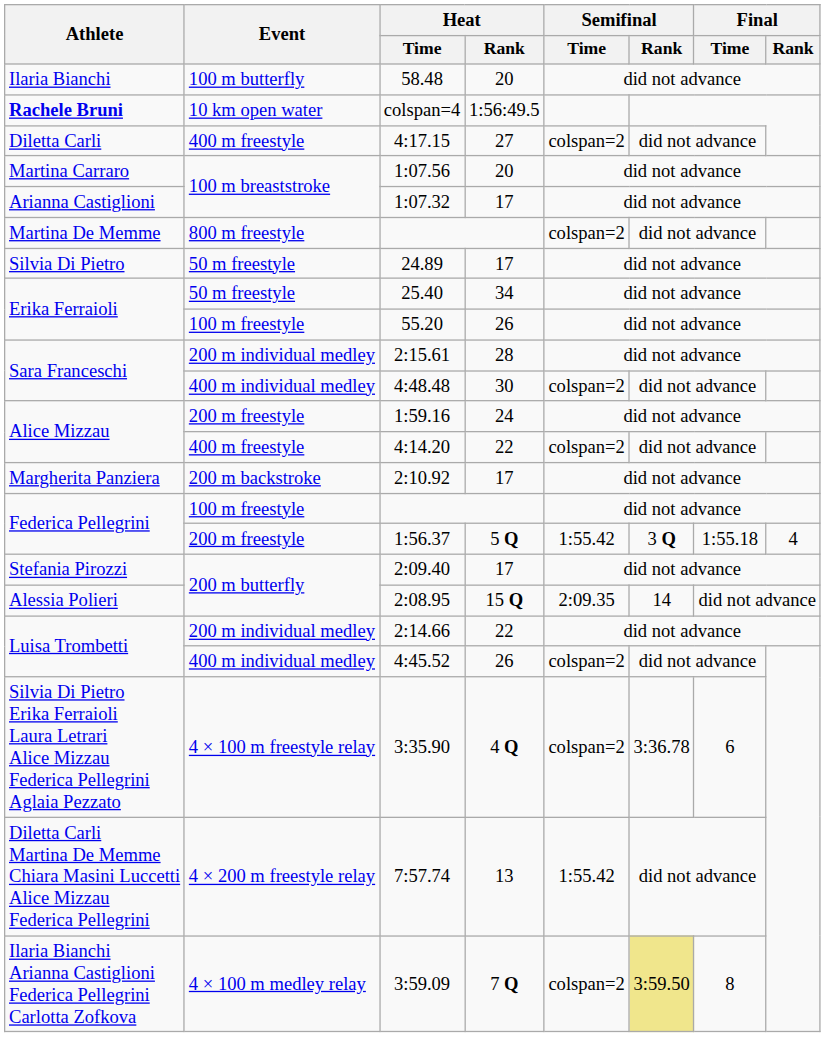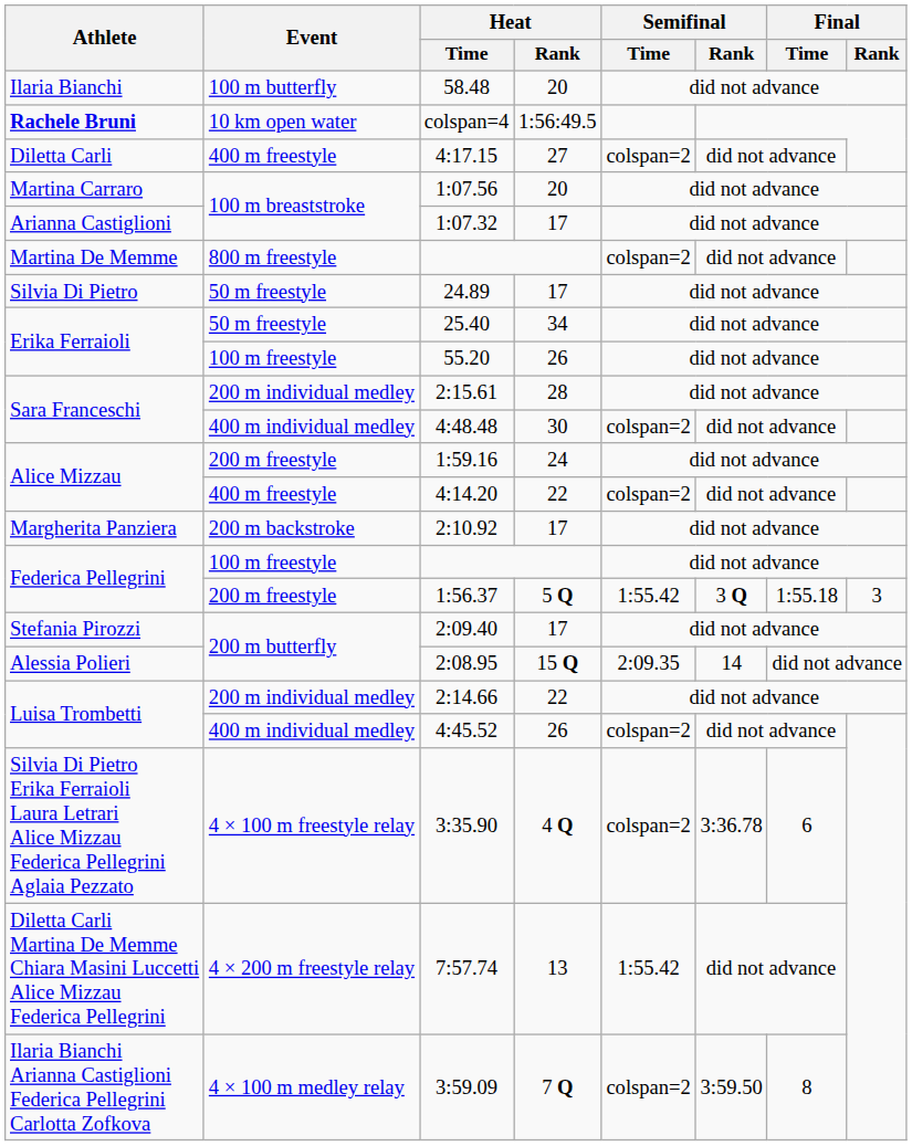 <table class=wikitable style="font-size:90%">
 <tr>
 <th rowspan="2">Athlete</th>
 <th rowspan="2">Event</th>
 <th colspan="2">Heat</th>
 <th colspan="2">Semifinal</th>
 <th colspan="2">Final</th>
 </tr>
 <tr style="font-size:95%">
 <th>Time</th>
 <th>Rank</th>
 <th>Time</th>
 <th>Rank</th>
 <th>Time</th>
 <th>Rank</th>
 </tr>
 <tr align=center>
 <td align=left><a href='#'>Ilaria Bianchi</a></td>
 <td align=left><a href='#'>100 m butterfly</a></td>
 <td>58.48</td>
 <td>20</td>
 <td colspan=4>did not advance</td>
 </tr>
 <tr align=center>
 <td align=left><strong><a href='#'>Rachele Bruni</a></strong></td>
 <td align=left><a href='#'>10 km open water</a></td>
 <td>colspan=4 </td>
 <td>1:56:49.5</td>
 <td></td>
 </tr>
 <tr align=center>
 <td align=left><a href='#'>Diletta Carli</a></td>
 <td align=left><a href='#'>400 m freestyle</a></td>
 <td>4:17.15</td>
 <td>27</td>
 <td>colspan=2 </td>
 <td colspan=2>did not advance</td>
 </tr>
 <tr align=center>
 <td align=left><a href='#'>Martina Carraro</a></td>
 <td align=left rowspan=2><a href='#'>100 m breaststroke</a></td>
 <td>1:07.56</td>
 <td>20</td>
 <td colspan=4>did not advance</td>
 </tr>
 <tr align=center>
 <td align=left><a href='#'>Arianna Castiglioni</a></td>
 <td>1:07.32</td>
 <td>17</td>
 <td colspan=4>did not advance</td>
 </tr>
 <tr align=center>
 <td align=left><a href='#'>Martina De Memme</a></td>
 <td align=left><a href='#'>800 m freestyle</a></td>
 <td colspan=2></td>
 <td>colspan=2 </td>
 <td colspan=2>did not advance</td>
 </tr>
 <tr align=center>
 <td align=left><a href='#'>Silvia Di Pietro</a></td>
 <td align=left><a href='#'>50 m freestyle</a></td>
 <td>24.89</td>
 <td>17</td>
 <td colspan=4>did not advance</td>
 </tr>
 <tr align=center>
 <td align=left rowspan=2><a href='#'>Erika Ferraioli</a></td>
 <td align=left><a href='#'>50 m freestyle</a></td>
 <td>25.40</td>
 <td>34</td>
 <td colspan=4>did not advance</td>
 </tr>
 <tr align=center>
 <td align=left><a href='#'>100 m freestyle</a></td>
 <td>55.20</td>
 <td>26</td>
 <td colspan=4>did not advance</td>
 </tr>
 <tr align=center>
 <td align=left rowspan=2><a href='#'>Sara Franceschi</a></td>
 <td align=left><a href='#'>200 m individual medley</a></td>
 <td>2:15.61</td>
 <td>28</td>
 <td colspan=4>did not advance</td>
 </tr>
 <tr align=center>
 <td align=left><a href='#'>400 m individual medley</a></td>
 <td>4:48.48</td>
 <td>30</td>
 <td>colspan=2 </td>
 <td colspan=2>did not advance</td>
 </tr>
 <tr align=center>
 <td align=left rowspan=2><a href='#'>Alice Mizzau</a></td>
 <td align=left><a href='#'>200 m freestyle</a></td>
 <td>1:59.16</td>
 <td>24</td>
 <td colspan=4>did not advance</td>
 </tr>
 <tr align=center>
 <td align=left><a href='#'>400 m freestyle</a></td>
 <td>4:14.20</td>
 <td>22</td>
 <td>colspan=2 </td>
 <td colspan=2>did not advance</td>
 </tr>
 <tr align=center>
 <td align=left><a href='#'>Margherita Panziera</a></td>
 <td align=left><a href='#'>200 m backstroke</a></td>
 <td>2:10.92</td>
 <td>17</td>
 <td colspan=4>did not advance</td>
 </tr>
 <tr align=center>
 <td align=left rowspan=2><a href='#'>Federica Pellegrini</a></td>
 <td align=left><a href='#'>100 m freestyle</a></td>
 <td colspan=2></td>
 <td colspan=4>did not advance</td>
 </tr>
 <tr align=center>
 <td align=left><a href='#'>200 m freestyle</a></td>
 <td>1:56.37</td>
 <td>5 <strong>Q</strong></td>
 <td>1:55.42</td>
 <td>3 <strong>Q</strong></td>
 <td>1:55.18</td>
-<td>4</td>
+<td>3</td>
 </tr>
 <tr align=center>
 <td align=left><a href='#'>Stefania Pirozzi</a></td>
 <td align=left rowspan=2><a href='#'>200 m butterfly</a></td>
 <td>2:09.40</td>
 <td>17</td>
 <td colspan=4>did not advance</td>
 </tr>
 <tr align=center>
 <td align=left><a href='#'>Alessia Polieri</a></td>
 <td>2:08.95</td>
 <td>15 <strong>Q</strong></td>
 <td>2:09.35</td>
 <td>14</td>
 <td colspan=2>did not advance</td>
 </tr>
 <tr align=center>
 <td align=left rowspan=2><a href='#'>Luisa Trombetti</a></td>
 <td align=left><a href='#'>200 m individual medley</a></td>
 <td>2:14.66</td>
 <td>22</td>
 <td colspan=4>did not advance</td>
 </tr>
 <tr align=center>
 <td align=left><a href='#'>400 m individual medley</a></td>
 <td>4:45.52</td>
 <td>26</td>
 <td>colspan=2 </td>
 <td colspan=2>did not advance</td>
 </tr>
 <tr align=center>
 <td align=left><a href='#'>Silvia Di Pietro</a><br><a href='#'>Erika Ferraioli</a><br><a href='#'>Laura Letrari</a><br><a href='#'>Alice Mizzau</a><br><a href='#'>Federica Pellegrini</a><br><a href='#'>Aglaia Pezzato</a></td>
 <td align=left><a href='#'>4 × 100 m freestyle relay</a></td>
 <td>3:35.90</td>
 <td>4 <strong>Q</strong></td>
 <td>colspan=2 </td>
 <td>3:36.78</td>
 <td>6</td>
 </tr>
 <tr align=center>
 <td align=left><a href='#'>Diletta Carli</a><br><a href='#'>Martina De Memme</a><br><a href='#'>Chiara Masini Luccetti</a><br><a href='#'>Alice Mizzau</a><br><a href='#'>Federica Pellegrini</a></td>
 <td align=left><a href='#'>4 × 200 m freestyle relay</a></td>
 <td>7:57.74</td>
 <td>13</td>
 <td>1:55.42</td>
 <td colspan=2>did not advance</td>
 </tr>
 <tr align=center>
 <td align=left><a href='#'>Ilaria Bianchi</a><br><a href='#'>Arianna Castiglioni</a><br><a href='#'>Federica Pellegrini</a><br><a href='#'>Carlotta Zofkova</a></td>
 <td align=left><a href='#'>4 × 100 m medley relay</a></td>
 <td>3:59.09</td>
 <td>7 <strong>Q</strong></td>
 <td>colspan=2 </td>
-<td style="background: khaki;">3:59.50</td>
+<td>3:59.50</td>
 <td>8</td>
 </tr>
 </table>
